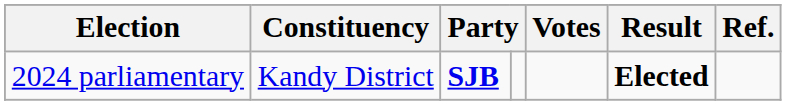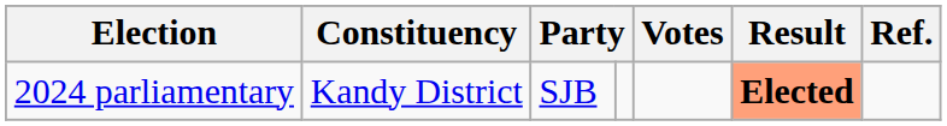 <table class="wikitable" style="text-align:left;">
 <tr>
 <th scope=col>Election</th>
 <th scope=col>Constituency</th>
 <th scope=col colspan="2">Party</th>
 <th scope=col>Votes</th>
 <th scope=col>Result</th>
 <th scope=col>Ref.</th>
 </tr>
 <tr>
 <td><a href='#'>2024 parliamentary</a></td>
 <td><a href='#'>Kandy District</a></td>
-<td><strong><a href='#'>SJB</a></strong></td>
+<td><a href='#'>SJB</a></td>
 <td rowspan="8" style="background:"></td>
 <td align=right></td>
-<td><strong>Elected</strong></td>
+<td style="background: lightsalmon;"><strong>Elected</strong></td>
 <td></td>
 </tr>
 </table>
